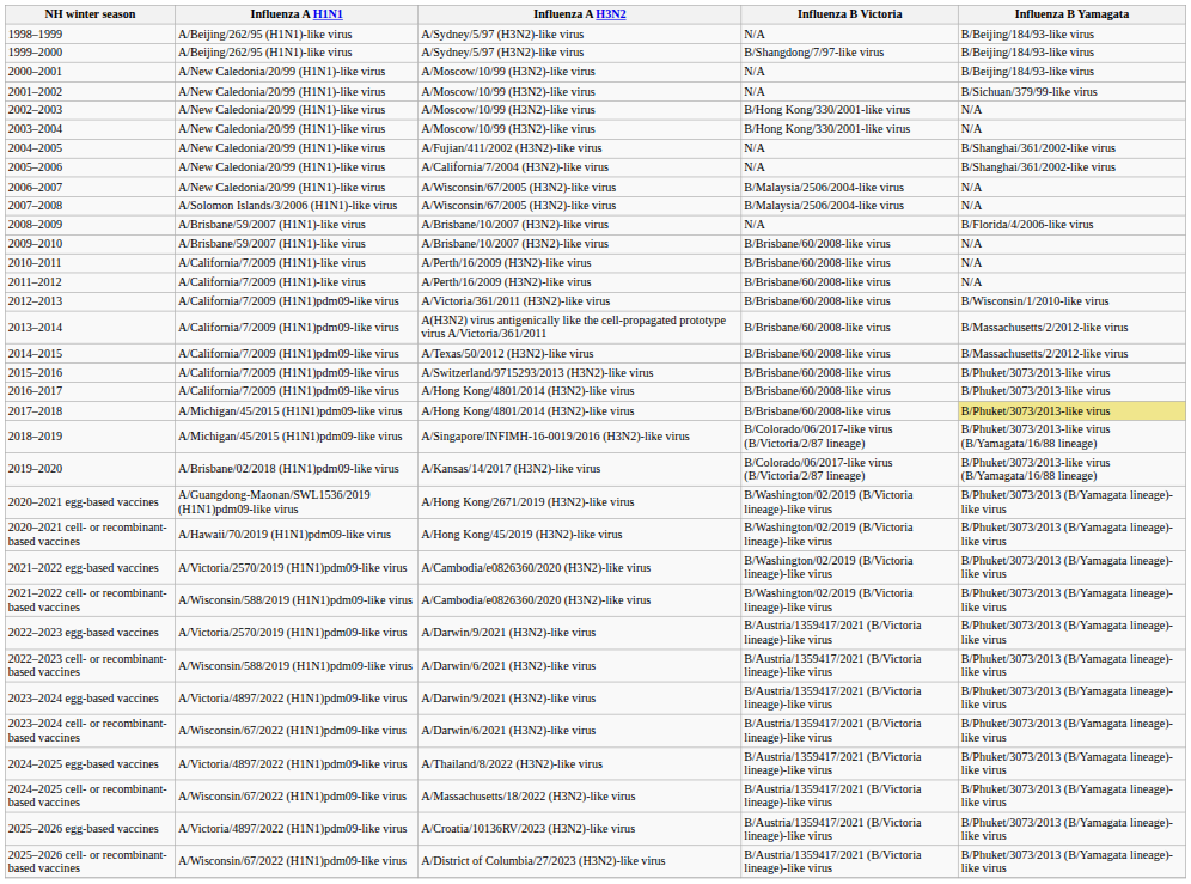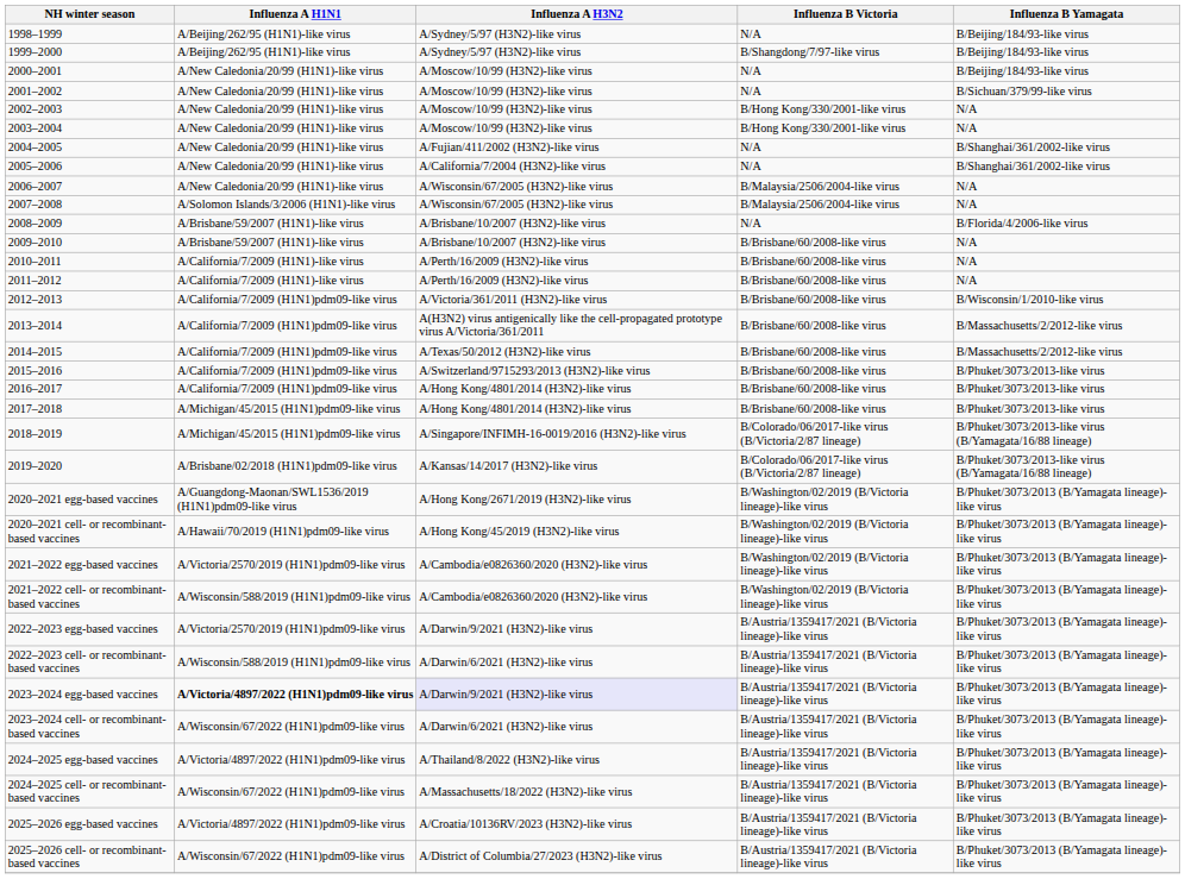 <table class="wikitable">
 <tr>
 <th>NH winter season</th>
 <th>Influenza A <a href='#'>H1N1</a></th>
 <th>Influenza A <a href='#'>H3N2</a></th>
 <th>Influenza B Victoria</th>
 <th>Influenza B Yamagata</th>
 </tr>
 <tr>
 <td>1998–1999</td>
 <td>A/Beijing/262/95 (H1N1)-like virus</td>
 <td>A/Sydney/5/97 (H3N2)-like virus</td>
 <td>N/A</td>
 <td>B/Beijing/184/93-like virus</td>
 </tr>
 <tr>
 <td>1999–2000</td>
 <td>A/Beijing/262/95 (H1N1)-like virus</td>
 <td>A/Sydney/5/97 (H3N2)-like virus</td>
 <td>B/Shangdong/7/97-like virus</td>
 <td>B/Beijing/184/93-like virus</td>
 </tr>
 <tr>
 <td>2000–2001</td>
 <td>A/New Caledonia/20/99 (H1N1)-like virus</td>
 <td>A/Moscow/10/99 (H3N2)-like virus</td>
 <td>N/A</td>
 <td>B/Beijing/184/93-like virus</td>
 </tr>
 <tr>
 <td>2001–2002</td>
 <td>A/New Caledonia/20/99 (H1N1)-like virus</td>
 <td>A/Moscow/10/99 (H3N2)-like virus</td>
 <td>N/A</td>
 <td>B/Sichuan/379/99-like virus</td>
 </tr>
 <tr>
 <td>2002–2003</td>
 <td>A/New Caledonia/20/99 (H1N1)-like virus</td>
 <td>A/Moscow/10/99 (H3N2)-like virus</td>
 <td>B/Hong Kong/330/2001-like virus</td>
 <td>N/A</td>
 </tr>
 <tr>
 <td>2003–2004</td>
 <td>A/New Caledonia/20/99 (H1N1)-like virus</td>
 <td>A/Moscow/10/99 (H3N2)-like virus</td>
 <td>B/Hong Kong/330/2001-like virus</td>
 <td>N/A</td>
 </tr>
 <tr>
 <td>2004–2005</td>
 <td>A/New Caledonia/20/99 (H1N1)-like virus</td>
 <td>A/Fujian/411/2002 (H3N2)-like virus</td>
 <td>N/A</td>
 <td>B/Shanghai/361/2002-like virus</td>
 </tr>
 <tr>
 <td>2005–2006</td>
 <td>A/New Caledonia/20/99 (H1N1)-like virus</td>
 <td>A/California/7/2004 (H3N2)-like virus</td>
 <td>N/A</td>
 <td>B/Shanghai/361/2002-like virus</td>
 </tr>
 <tr>
 <td>2006–2007</td>
 <td>A/New Caledonia/20/99 (H1N1)-like virus</td>
 <td>A/Wisconsin/67/2005 (H3N2)-like virus</td>
 <td>B/Malaysia/2506/2004-like virus</td>
 <td>N/A</td>
 </tr>
 <tr>
 <td>2007–2008</td>
 <td>A/Solomon Islands/3/2006 (H1N1)-like virus</td>
 <td>A/Wisconsin/67/2005 (H3N2)-like virus</td>
 <td>B/Malaysia/2506/2004-like virus</td>
 <td>N/A</td>
 </tr>
 <tr>
 <td>2008–2009</td>
 <td>A/Brisbane/59/2007 (H1N1)-like virus</td>
 <td>A/Brisbane/10/2007 (H3N2)-like virus</td>
 <td>N/A</td>
 <td>B/Florida/4/2006-like virus</td>
 </tr>
 <tr>
 <td>2009–2010</td>
 <td>A/Brisbane/59/2007 (H1N1)-like virus</td>
 <td>A/Brisbane/10/2007 (H3N2)-like virus</td>
 <td>B/Brisbane/60/2008-like virus</td>
 <td>N/A</td>
 </tr>
 <tr>
 <td>2010–2011</td>
 <td>A/California/7/2009 (H1N1)-like virus</td>
 <td>A/Perth/16/2009 (H3N2)-like virus</td>
 <td>B/Brisbane/60/2008-like virus</td>
 <td>N/A</td>
 </tr>
 <tr>
 <td>2011–2012</td>
 <td>A/California/7/2009 (H1N1)-like virus</td>
 <td>A/Perth/16/2009 (H3N2)-like virus</td>
 <td>B/Brisbane/60/2008-like virus</td>
 <td>N/A</td>
 </tr>
 <tr>
 <td>2012–2013</td>
 <td>A/California/7/2009 (H1N1)pdm09-like virus</td>
 <td>A/Victoria/361/2011 (H3N2)-like virus</td>
 <td>B/Brisbane/60/2008-like virus</td>
 <td>B/Wisconsin/1/2010-like virus</td>
 </tr>
 <tr>
 <td>2013–2014</td>
 <td>A/California/7/2009 (H1N1)pdm09-like virus</td>
 <td>A(H3N2) virus antigenically like the cell-propagated prototype virus A/Victoria/361/2011</td>
 <td>B/Brisbane/60/2008-like virus</td>
 <td>B/Massachusetts/2/2012-like virus</td>
 </tr>
 <tr>
 <td>2014–2015</td>
 <td>A/California/7/2009 (H1N1)pdm09-like virus</td>
 <td>A/Texas/50/2012 (H3N2)-like virus</td>
 <td>B/Brisbane/60/2008-like virus</td>
 <td>B/Massachusetts/2/2012-like virus</td>
 </tr>
 <tr>
 <td>2015–2016</td>
 <td>A/California/7/2009 (H1N1)pdm09-like virus</td>
 <td>A/Switzerland/9715293/2013 (H3N2)-like virus</td>
 <td>B/Brisbane/60/2008-like virus</td>
 <td>B/Phuket/3073/2013-like virus</td>
 </tr>
 <tr>
 <td>2016–2017</td>
 <td>A/California/7/2009 (H1N1)pdm09-like virus</td>
 <td>A/Hong Kong/4801/2014 (H3N2)-like virus</td>
 <td>B/Brisbane/60/2008-like virus</td>
 <td>B/Phuket/3073/2013-like virus</td>
 </tr>
 <tr>
 <td>2017–2018</td>
 <td>A/Michigan/45/2015 (H1N1)pdm09-like virus</td>
 <td>A/Hong Kong/4801/2014 (H3N2)-like virus</td>
 <td>B/Brisbane/60/2008-like virus</td>
-<td style="background: khaki;">B/Phuket/3073/2013-like virus</td>
+<td>B/Phuket/3073/2013-like virus</td>
 </tr>
 <tr>
 <td>2018–2019</td>
 <td>A/Michigan/45/2015 (H1N1)pdm09-like virus</td>
 <td>A/Singapore/INFIMH-16-0019/2016 (H3N2)-like virus</td>
 <td>B/Colorado/06/2017-like virus (B/Victoria/2/87 lineage)</td>
 <td>B/Phuket/3073/2013-like virus (B/Yamagata/16/88 lineage)</td>
 </tr>
 <tr>
 <td>2019–2020</td>
 <td>A/Brisbane/02/2018 (H1N1)pdm09-like virus</td>
 <td>A/Kansas/14/2017 (H3N2)-like virus</td>
 <td>B/Colorado/06/2017-like virus (B/Victoria/2/87 lineage)</td>
 <td>B/Phuket/3073/2013-like virus (B/Yamagata/16/88 lineage)</td>
 </tr>
 <tr>
 <td>2020–2021 egg-based vaccines</td>
 <td>A/Guangdong-Maonan/SWL1536/2019 (H1N1)pdm09-like virus</td>
 <td>A/Hong Kong/2671/2019 (H3N2)-like virus</td>
 <td>B/Washington/02/2019 (B/Victoria lineage)-like virus</td>
 <td>B/Phuket/3073/2013 (B/Yamagata lineage)-like virus</td>
 </tr>
 <tr>
 <td>2020–2021 cell- or recombinant-based vaccines</td>
 <td>A/Hawaii/70/2019 (H1N1)pdm09-like virus</td>
 <td>A/Hong Kong/45/2019 (H3N2)-like virus</td>
 <td>B/Washington/02/2019 (B/Victoria lineage)-like virus</td>
 <td>B/Phuket/3073/2013 (B/Yamagata lineage)-like virus</td>
 </tr>
 <tr>
 <td>2021–2022 egg-based vaccines</td>
 <td>A/Victoria/2570/2019 (H1N1)pdm09-like virus</td>
 <td>A/Cambodia/e0826360/2020 (H3N2)-like virus</td>
 <td>B/Washington/02/2019 (B/Victoria lineage)-like virus</td>
 <td>B/Phuket/3073/2013 (B/Yamagata lineage)-like virus</td>
 </tr>
 <tr>
 <td>2021–2022 cell- or recombinant-based vaccines</td>
 <td>A/Wisconsin/588/2019 (H1N1)pdm09-like virus</td>
 <td>A/Cambodia/e0826360/2020 (H3N2)-like virus</td>
 <td>B/Washington/02/2019 (B/Victoria lineage)-like virus</td>
 <td>B/Phuket/3073/2013 (B/Yamagata lineage)-like virus</td>
 </tr>
 <tr>
 <td>2022–2023 egg-based vaccines</td>
 <td>A/Victoria/2570/2019 (H1N1)pdm09-like virus</td>
 <td>A/Darwin/9/2021 (H3N2)-like virus</td>
 <td>B/Austria/1359417/2021 (B/Victoria lineage)-like virus</td>
 <td>B/Phuket/3073/2013 (B/Yamagata lineage)-like virus</td>
 </tr>
 <tr>
 <td>2022–2023 cell- or recombinant-based vaccines</td>
 <td>A/Wisconsin/588/2019 (H1N1)pdm09-like virus</td>
 <td>A/Darwin/6/2021 (H3N2)-like virus</td>
 <td>B/Austria/1359417/2021 (B/Victoria lineage)-like virus</td>
 <td>B/Phuket/3073/2013 (B/Yamagata lineage)-like virus</td>
 </tr>
 <tr>
 <td>2023–2024 egg-based vaccines</td>
-<td>A/Victoria/4897/2022 (H1N1)pdm09-like virus</td>
-<td>A/Darwin/9/2021 (H3N2)-like virus</td>
+<td><strong>A/Victoria/4897/2022 (H1N1)pdm09-like virus</strong></td>
+<td style="background: lavender;">A/Darwin/9/2021 (H3N2)-like virus</td>
 <td>B/Austria/1359417/2021 (B/Victoria lineage)-like virus</td>
 <td>B/Phuket/3073/2013 (B/Yamagata lineage)-like virus</td>
 </tr>
 <tr>
 <td>2023–2024 cell- or recombinant-based vaccines</td>
 <td>A/Wisconsin/67/2022 (H1N1)pdm09-like virus</td>
 <td>A/Darwin/6/2021 (H3N2)-like virus</td>
 <td>B/Austria/1359417/2021 (B/Victoria lineage)-like virus</td>
 <td>B/Phuket/3073/2013 (B/Yamagata lineage)-like virus</td>
 </tr>
 <tr>
 <td>2024–2025 egg-based vaccines</td>
 <td>A/Victoria/4897/2022 (H1N1)pdm09-like virus</td>
 <td>A/Thailand/8/2022 (H3N2)-like virus</td>
 <td>B/Austria/1359417/2021 (B/Victoria lineage)-like virus</td>
 <td>B/Phuket/3073/2013 (B/Yamagata lineage)-like virus </td>
 </tr>
 <tr>
 <td>2024–2025 cell- or recombinant-based vaccines</td>
 <td>A/Wisconsin/67/2022 (H1N1)pdm09-like virus</td>
 <td>A/Massachusetts/18/2022 (H3N2)-like virus</td>
 <td>B/Austria/1359417/2021 (B/Victoria lineage)-like virus</td>
 <td>B/Phuket/3073/2013 (B/Yamagata lineage)-like virus </td>
 </tr>
 <tr>
 <td>2025–2026 egg-based vaccines</td>
 <td>A/Victoria/4897/2022 (H1N1)pdm09-like virus</td>
 <td>A/Croatia/10136RV/2023 (H3N2)-like virus</td>
 <td>B/Austria/1359417/2021 (B/Victoria lineage)-like virus</td>
 <td>B/Phuket/3073/2013 (B/Yamagata lineage)-like virus </td>
 </tr>
 <tr>
 <td>2025–2026 cell- or recombinant-based vaccines</td>
 <td>A/Wisconsin/67/2022 (H1N1)pdm09-like virus</td>
 <td>A/District of Columbia/27/2023 (H3N2)-like virus</td>
 <td>B/Austria/1359417/2021 (B/Victoria lineage)-like virus</td>
 <td>B/Phuket/3073/2013 (B/Yamagata lineage)-like virus </td>
 </tr>
 <tr>
 </tr>
 </table>
